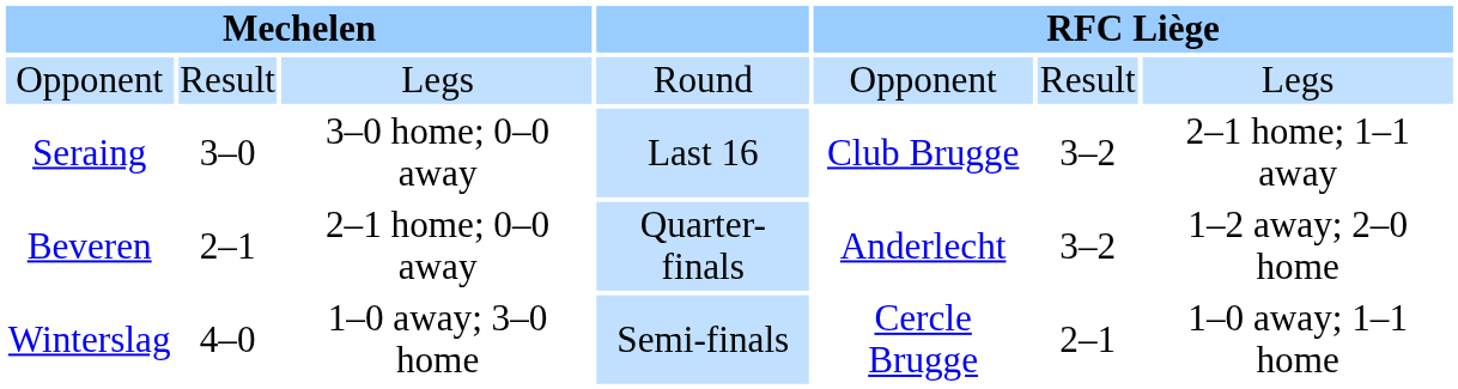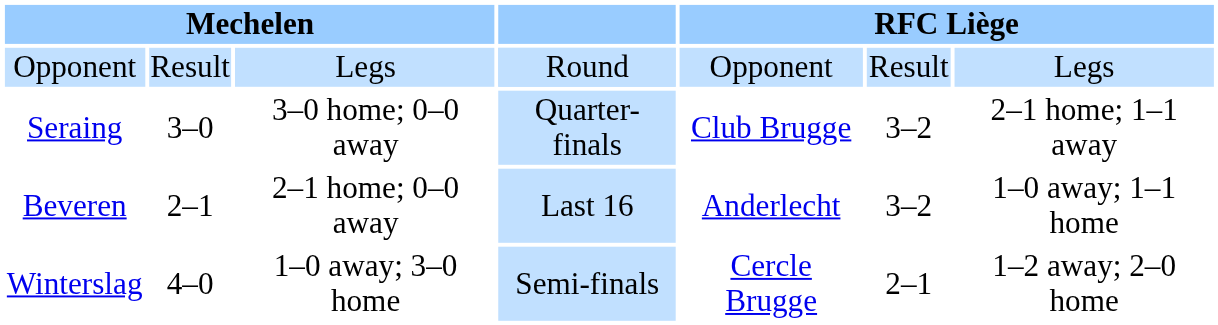 <table width="100%" style="text-align:center">
 <tr style="vertical-align:top; background:#9cf;">
 <th colspan=3 style="width:1*">Mechelen</th>
 <th></th>
 <th colspan=3 style="width:1*">RFC Liège</th>
 </tr>
 <tr style="vertical-align:top; background:#c1e0ff;">
 <td>Opponent</td>
 <td>Result</td>
 <td>Legs</td>
 <td style="background:#c1e0ff;">Round</td>
 <td>Opponent</td>
 <td>Result</td>
 <td>Legs</td>
 </tr>
 <tr>
 <td><a href='#'>Seraing</a></td>
 <td>3–0</td>
 <td>3–0 home; 0–0 away</td>
-<td style="background:#c1e0ff;">Last 16</td>
+<td style="background:#c1e0ff;">Quarter-finals</td>
 <td><a href='#'>Club Brugge</a></td>
 <td>3–2</td>
 <td>2–1 home; 1–1 away</td>
 </tr>
 <tr>
 <td><a href='#'>Beveren</a></td>
 <td>2–1</td>
 <td>2–1 home; 0–0 away</td>
-<td style="background:#c1e0ff;">Quarter-finals</td>
+<td style="background:#c1e0ff;">Last 16</td>
 <td><a href='#'>Anderlecht</a></td>
 <td>3–2</td>
-<td>1–2 away; 2–0 home</td>
+<td>1–0 away; 1–1 home</td>
 </tr>
 <tr>
 <td><a href='#'>Winterslag</a></td>
 <td>4–0</td>
 <td>1–0 away; 3–0 home</td>
 <td style="background:#c1e0ff;">Semi-finals</td>
 <td><a href='#'>Cercle Brugge</a></td>
 <td>2–1</td>
-<td>1–0 away; 1–1 home</td>
+<td>1–2 away; 2–0 home</td>
 </tr>
 </table>
